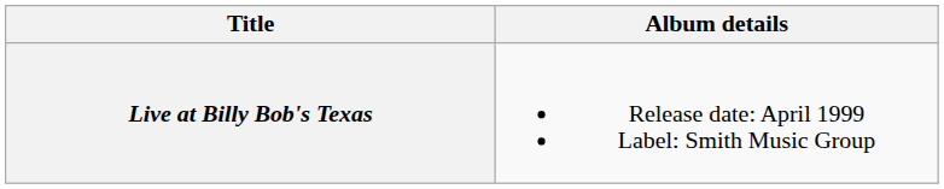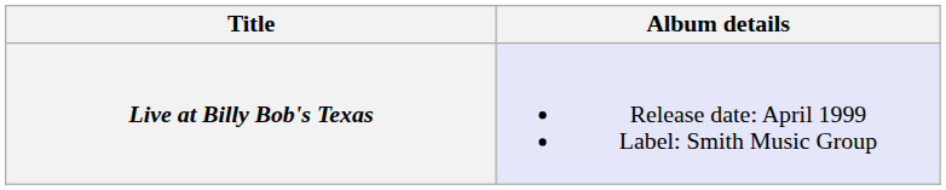 <table class="wikitable plainrowheaders" style="text-align:center;">
 <tr>
 <th style="width:20em;">Title</th>
 <th style="width:18em;">Album details</th>
 </tr>
 <tr>
 <th scope="row"><em>Live at Billy Bob's Texas</em></th>
-<td><br><ul><li>Release date: April 1999</li><li>Label: Smith Music Group</li></ul></td>
+<td style="background: lavender;"><br><ul><li>Release date: April 1999</li><li>Label: Smith Music Group</li></ul></td>
 </tr>
 </table>
